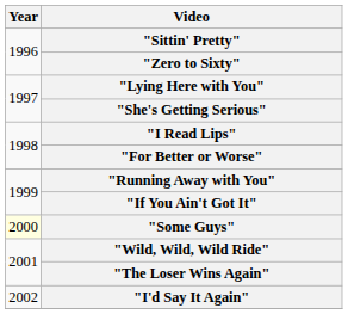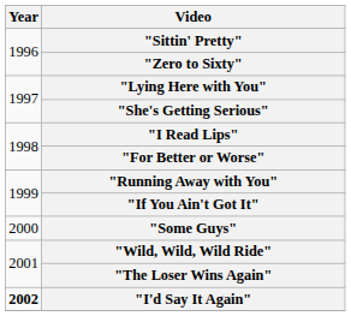 <table class="wikitable plainrowheaders">
 <tr>
 <th>Year</th>
 <th style="width:20em;">Video</th>
 </tr>
 <tr>
 <td rowspan="2">1996</td>
 <th scope="row">"Sittin' Pretty"</th>
 </tr>
 <tr>
 <th scope="row">"Zero to Sixty"</th>
 </tr>
 <tr>
 <td rowspan="2">1997</td>
 <th scope="row">"Lying Here with You"</th>
 </tr>
 <tr>
 <th scope="row">"She's Getting Serious"</th>
 </tr>
 <tr>
 <td rowspan="2">1998</td>
 <th scope="row">"I Read Lips"</th>
 </tr>
 <tr>
 <th scope="row">"For Better or Worse"</th>
 </tr>
 <tr>
 <td rowspan="2">1999</td>
 <th scope="row">"Running Away with You"</th>
 </tr>
 <tr>
 <th scope="row">"If You Ain't Got It"</th>
 </tr>
 <tr>
-<td style="background: lightyellow;">2000</td>
+<td>2000</td>
 <th scope="row">"Some Guys"</th>
 </tr>
 <tr>
 <td rowspan="2">2001</td>
 <th scope="row">"Wild, Wild, Wild Ride"</th>
 </tr>
 <tr>
 <th scope="row">"The Loser Wins Again"</th>
 </tr>
 <tr>
-<td>2002</td>
+<td><strong>2002</strong></td>
 <th scope="row">"I'd Say It Again"</th>
 </tr>
 <tr>
 </tr>
 </table>
